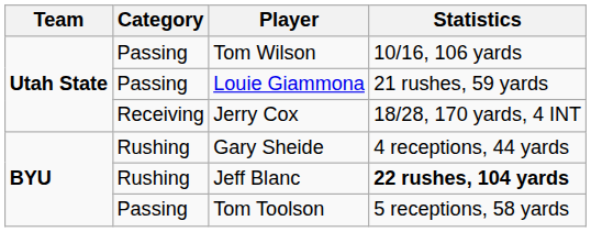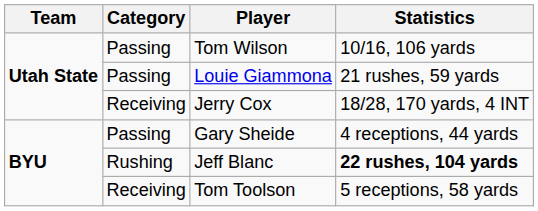 <table class="wikitable" style="float: left;">
 <tr>
 <th>Team</th>
 <th>Category</th>
 <th>Player</th>
 <th>Statistics</th>
 </tr>
 <tr>
 <td rowspan=3><strong>Utah State</strong></td>
 <td>Passing</td>
 <td>Tom Wilson</td>
 <td>10/16, 106 yards</td>
 </tr>
 <tr>
 <td>Passing</td>
 <td><a href='#'>Louie Giammona</a></td>
 <td>21 rushes, 59 yards</td>
 </tr>
 <tr>
 <td>Receiving</td>
 <td>Jerry Cox</td>
 <td>18/28, 170 yards, 4 INT</td>
 </tr>
 <tr>
 <td rowspan=3><strong>BYU</strong></td>
-<td>Rushing</td>
+<td>Passing</td>
 <td>Gary Sheide</td>
 <td>4 receptions, 44 yards</td>
 </tr>
 <tr>
 <td>Rushing</td>
 <td>Jeff Blanc</td>
 <td><strong>22 rushes, 104 yards</strong></td>
 </tr>
 <tr>
-<td>Passing</td>
+<td>Receiving</td>
 <td>Tom Toolson</td>
 <td>5 receptions, 58 yards</td>
 </tr>
 </table>
